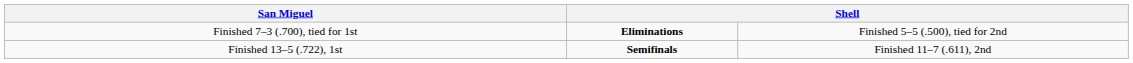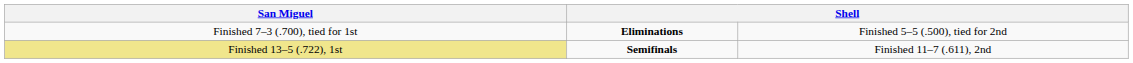 <table class="wikitable" style="width:100%;">
 <tr align=center>
 <th colspan="2" style="width:45%;"><a href='#'>San Miguel</a></th>
 <th colspan="2" style="width:45%;"><a href='#'>Shell</a></th>
 </tr>
 <tr align=center>
 <td>Finished 7–3 (.700), tied for 1st</td>
 <td colspan=2><strong>Eliminations</strong></td>
 <td>Finished 5–5 (.500), tied for 2nd</td>
 </tr>
 <tr align=center>
-<td>Finished 13–5 (.722), 1st</td>
+<td style="background: khaki;">Finished 13–5 (.722), 1st</td>
 <td colspan=2><strong>Semifinals</strong></td>
 <td>Finished 11–7 (.611), 2nd</td>
 </tr>
 </table>
